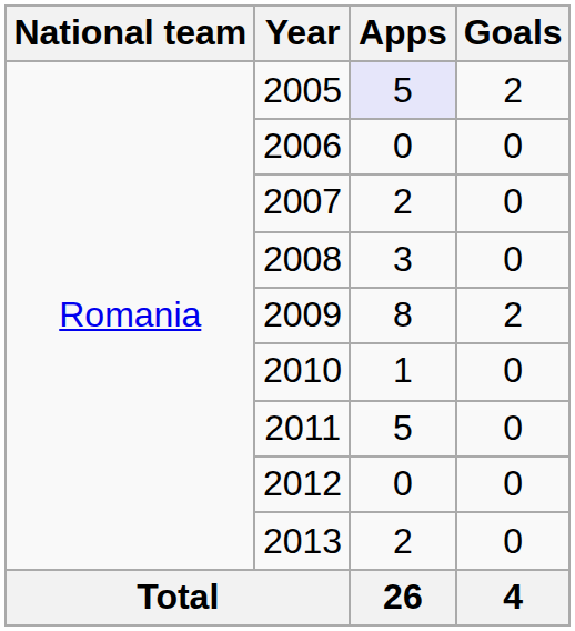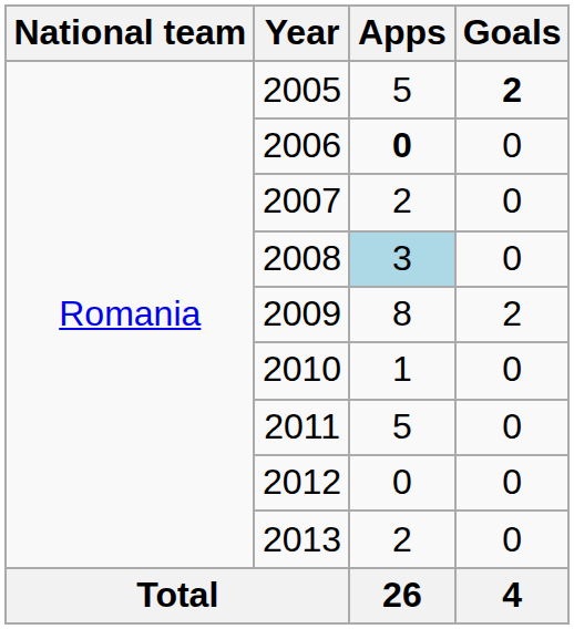 <table class="wikitable" style="text-align:center">
 <tr>
 <th>National team</th>
 <th>Year</th>
 <th>Apps</th>
 <th>Goals</th>
 </tr>
 <tr>
 <td rowspan=9><a href='#'>Romania</a></td>
 <td>2005</td>
-<td style="background: lavender;">5</td>
-<td>2</td>
+<td>5</td>
+<td><strong>2</strong></td>
 </tr>
 <tr>
 <td>2006</td>
-<td>0</td>
+<td><strong>0</strong></td>
 <td>0</td>
 </tr>
 <tr>
 <td>2007</td>
 <td>2</td>
 <td>0</td>
 </tr>
 <tr>
 <td>2008</td>
-<td>3</td>
+<td style="background: lightblue;">3</td>
 <td>0</td>
 </tr>
 <tr>
 <td>2009</td>
 <td>8</td>
 <td>2</td>
 </tr>
 <tr>
 <td>2010</td>
 <td>1</td>
 <td>0</td>
 </tr>
 <tr>
 <td>2011</td>
 <td>5</td>
 <td>0</td>
 </tr>
 <tr>
 <td>2012</td>
 <td>0</td>
 <td>0</td>
 </tr>
 <tr>
 <td>2013</td>
 <td>2</td>
 <td>0</td>
 </tr>
 <tr>
 <th colspan=2>Total</th>
 <th>26</th>
 <th>4</th>
 </tr>
 </table>
